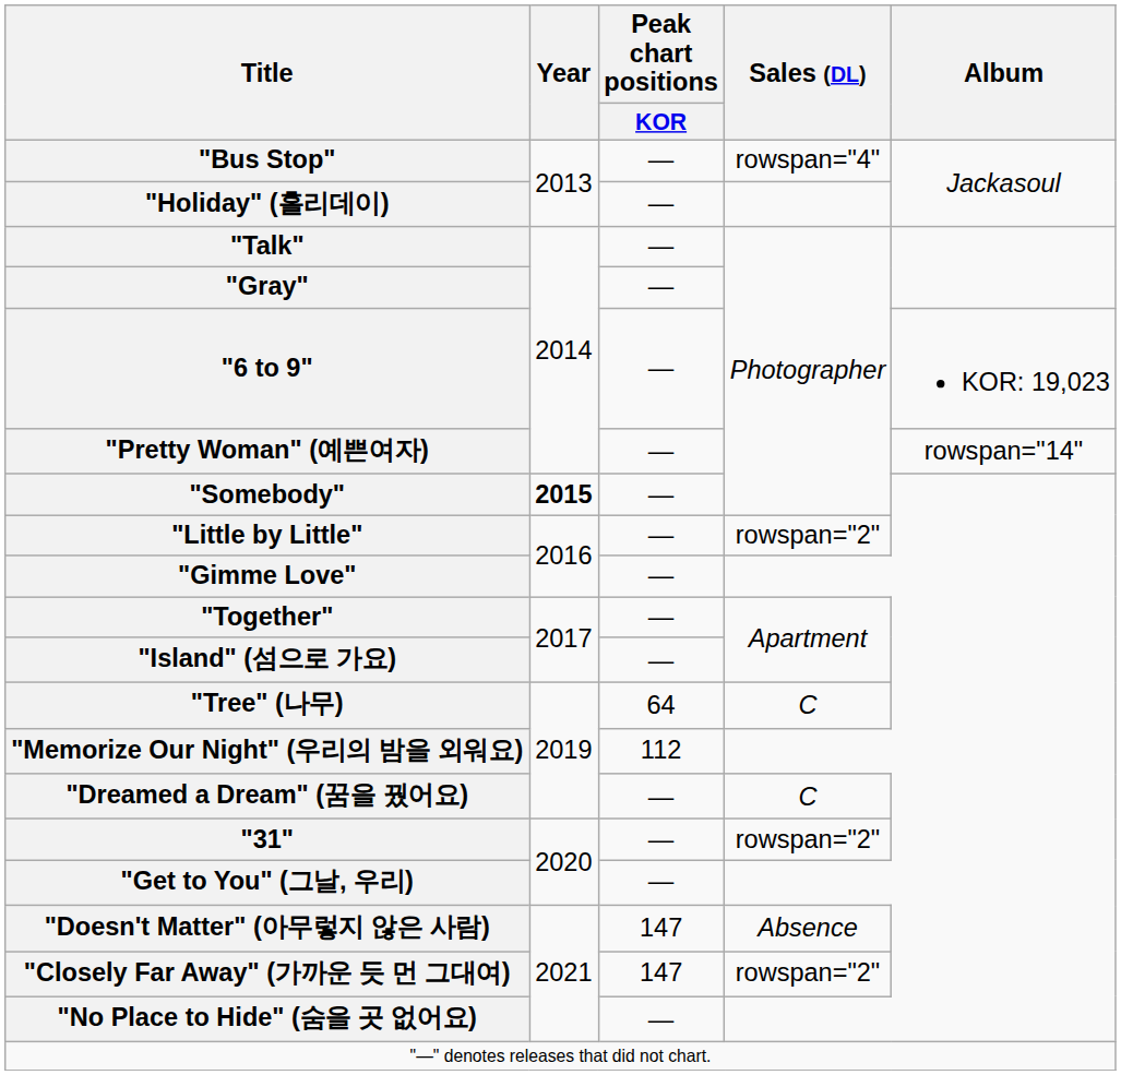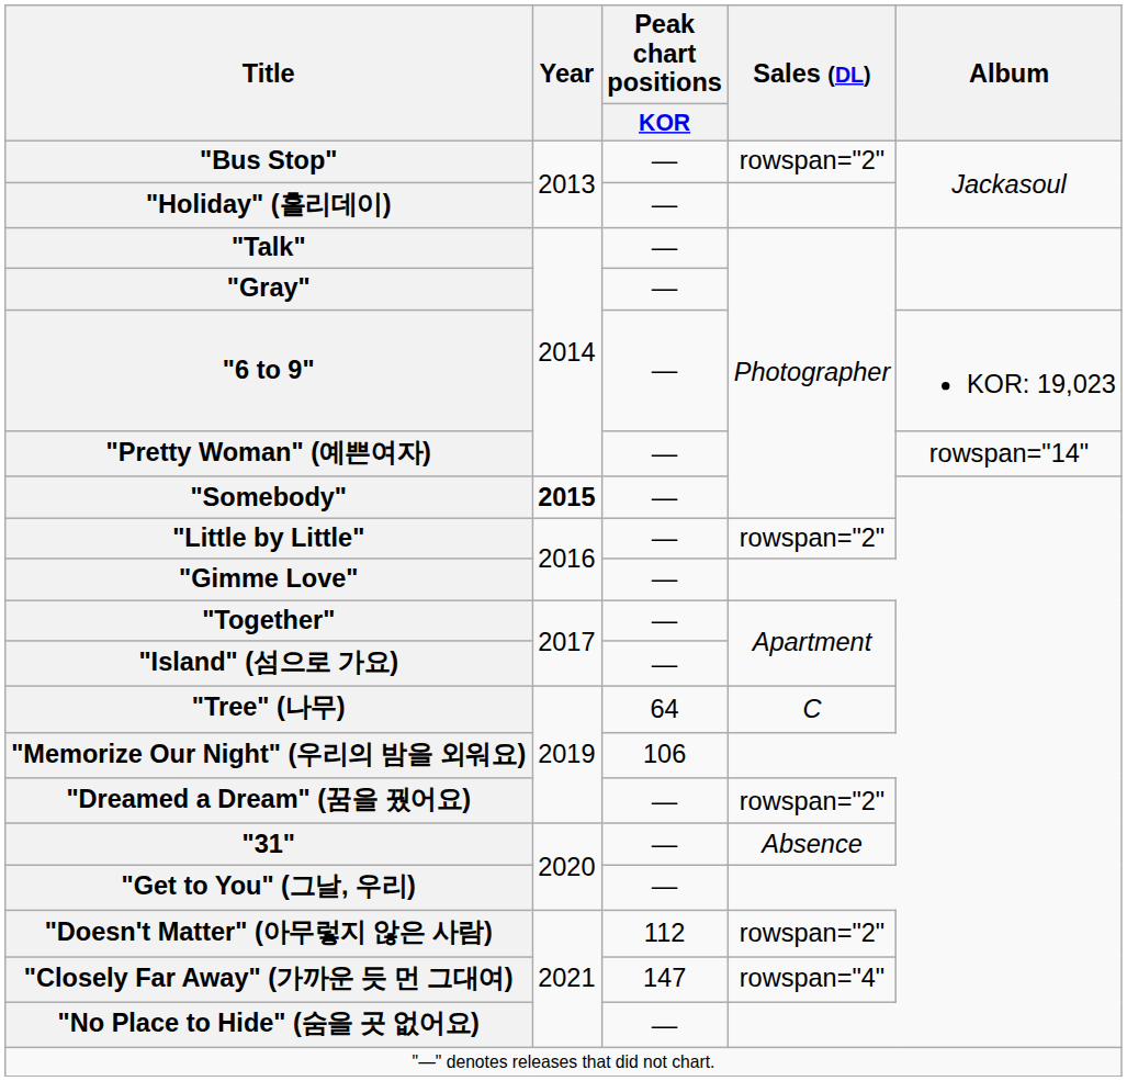 <table class="wikitable plainrowheaders" style="text-align:center;">
 <tr>
 <th scope="col" rowspan="2">Title</th>
 <th scope="col" rowspan="2">Year</th>
 <th scope="col" colspan="1">Peak chart <br>positions</th>
 <th scope="col" rowspan="2">Sales <small>(<a href='#'>DL</a>)</small></th>
 <th scope="col" rowspan="2">Album</th>
 </tr>
 <tr>
 <th scope="col" style="width:3.5em;font-size:90%;"><a href='#'>KOR</a><br></th>
 </tr>
 <tr>
 <th scope="row">"Bus Stop"</th>
 <td rowspan="2">2013</td>
 <td>—</td>
-<td>rowspan="4" </td>
+<td>rowspan="2" </td>
 <td rowspan="2"><em>Jackasoul</em></td>
 </tr>
 <tr>
 <th scope="row">"Holiday" (홀리데이) </th>
 <td>—</td>
 </tr>
 <tr>
 <th scope="row">"Talk"</th>
 <td rowspan="4">2014</td>
 <td>—</td>
 <td rowspan="5"><em>Photographer</em></td>
 </tr>
 <tr>
 <th scope="row">"Gray" </th>
 <td>—</td>
 </tr>
 <tr>
 <th scope="row">"6 to 9" </th>
 <td>—</td>
 <td><br><ul><li>KOR: 19,023</li></ul></td>
 </tr>
 <tr>
 <th scope="row">"Pretty Woman" (예쁜여자)</th>
 <td>—</td>
 <td>rowspan="14" </td>
 </tr>
 <tr>
 <th scope="row">"Somebody" </th>
 <td><strong>2015</strong></td>
 <td>—</td>
 </tr>
 <tr>
 <th scope="row">"Little by Little"</th>
 <td rowspan="2">2016</td>
 <td>—</td>
 <td>rowspan="2" </td>
 </tr>
 <tr>
 <th scope="row">"Gimme Love"</th>
 <td>—</td>
 </tr>
 <tr>
 <th scope="row">"Together"</th>
 <td rowspan="2">2017</td>
 <td>—</td>
 <td rowspan="2"><em>Apartment</em></td>
 </tr>
 <tr>
 <th scope="row">"Island" (섬으로 가요) </th>
 <td>—</td>
 </tr>
 <tr>
 <th scope="row">"Tree" (나무) </th>
 <td rowspan="3">2019</td>
 <td>64</td>
 <td><em>C</em></td>
 </tr>
 <tr>
 <th scope="row">"Memorize Our Night" (우리의 밤을 외워요)</th>
-<td>112</td>
+<td>106</td>
 </tr>
 <tr>
 <th scope="row">"Dreamed a Dream" (꿈을 꿨어요)</th>
 <td>—</td>
-<td><em>C</em></td>
+<td>rowspan="2" </td>
 </tr>
 <tr>
 <th scope="row">"31"</th>
 <td rowspan="2">2020</td>
 <td>—</td>
-<td>rowspan="2" </td>
+<td><em>Absence</em></td>
 </tr>
 <tr>
 <th scope="row">"Get to You" (그날, 우리)</th>
 <td>—</td>
 </tr>
 <tr>
 <th scope="row">"Doesn't Matter" (아무렇지 않은 사람)</th>
 <td rowspan="3">2021</td>
-<td>147</td>
-<td><em>Absence</em></td>
+<td>112</td>
+<td>rowspan="2" </td>
 </tr>
 <tr>
 <th scope="row">"Closely Far Away" (가까운 듯 먼 그대여)</th>
 <td>147</td>
-<td>rowspan="2" </td>
+<td>rowspan="4" </td>
 </tr>
 <tr>
 <th scope="row">"No Place to Hide" (숨을 곳 없어요)</th>
 <td>—</td>
 </tr>
 <tr>
 <td colspan="5" align="center" style="font-size:8pt;">"—" denotes releases that did not chart.</td>
 </tr>
 </table>
